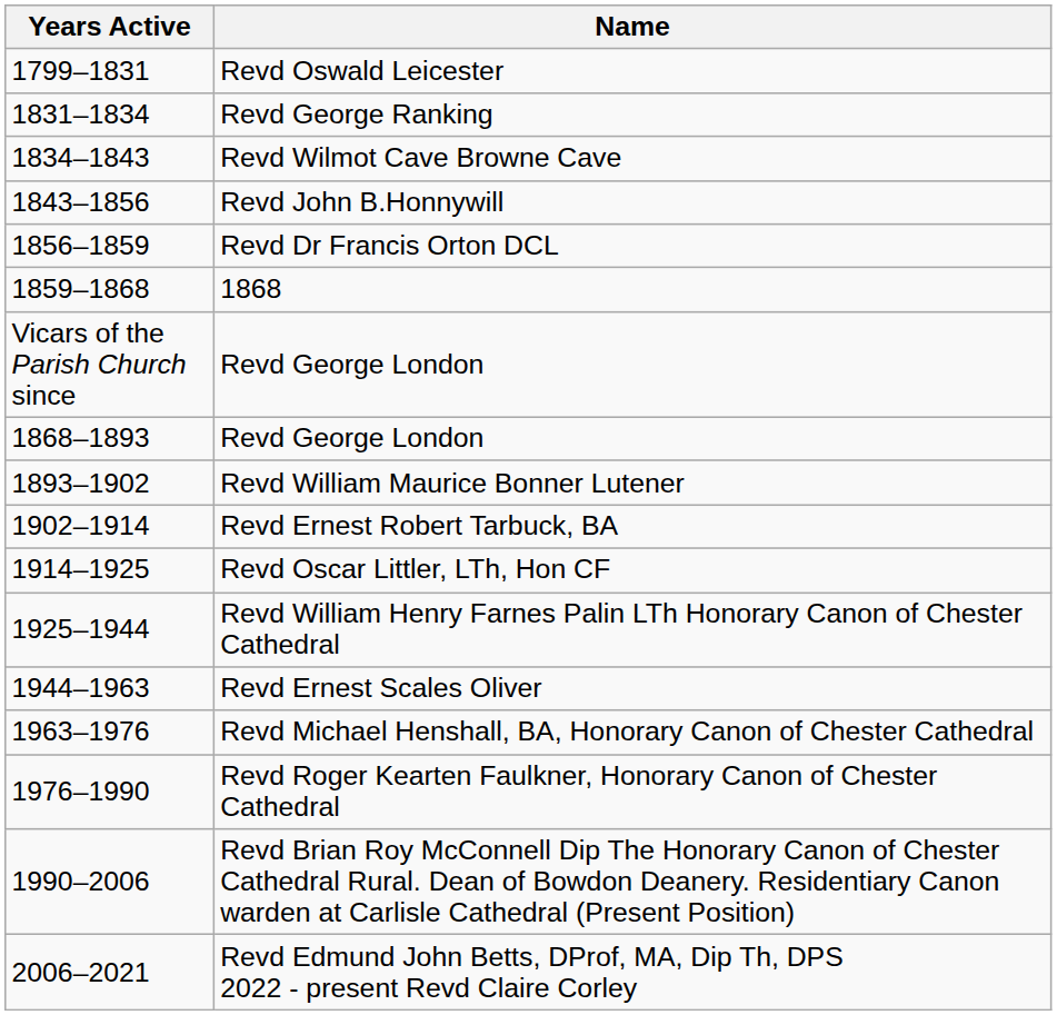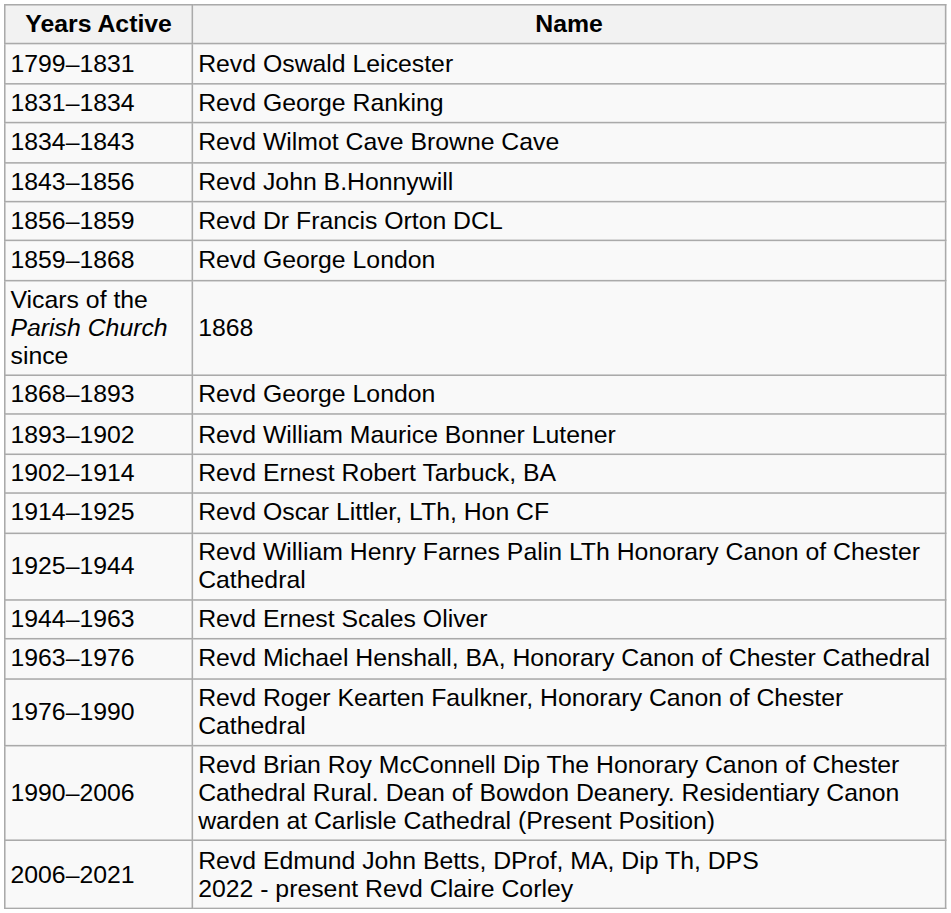 <table class="wikitable">
 <tr>
 <th>Years Active</th>
 <th>Name</th>
 </tr>
 <tr>
 <td>1799–1831</td>
 <td>Revd Oswald Leicester</td>
 </tr>
 <tr>
 <td>1831–1834</td>
 <td>Revd George Ranking</td>
 </tr>
 <tr>
 <td>1834–1843</td>
 <td>Revd Wilmot Cave Browne Cave</td>
 </tr>
 <tr>
 <td>1843–1856</td>
 <td>Revd John B.Honnywill</td>
 </tr>
 <tr>
 <td>1856–1859</td>
 <td>Revd Dr Francis Orton DCL</td>
 </tr>
 <tr>
 <td>1859–1868</td>
-<td>1868</td>
+<td>Revd George London</td>
 </tr>
 <tr>
 <td>Vicars of the <em>Parish Church</em> since</td>
-<td>Revd George London</td>
+<td>1868</td>
 </tr>
 <tr>
 <td>1868–1893</td>
 <td>Revd George London</td>
 </tr>
 <tr>
 <td>1893–1902</td>
 <td>Revd William Maurice Bonner Lutener</td>
 </tr>
 <tr>
 <td>1902–1914</td>
 <td>Revd Ernest Robert Tarbuck, BA</td>
 </tr>
 <tr>
 <td>1914–1925</td>
 <td>Revd Oscar Littler, LTh, Hon CF</td>
 </tr>
 <tr>
 <td>1925–1944</td>
 <td>Revd William Henry Farnes Palin LTh Honorary Canon of Chester Cathedral</td>
 </tr>
 <tr>
 <td>1944–1963</td>
 <td>Revd Ernest Scales Oliver</td>
 </tr>
 <tr>
 <td>1963–1976</td>
 <td>Revd Michael Henshall, BA, Honorary Canon of Chester Cathedral</td>
 </tr>
 <tr>
 <td>1976–1990</td>
 <td>Revd Roger Kearten Faulkner, Honorary Canon of Chester Cathedral</td>
 </tr>
 <tr>
 <td>1990–2006</td>
 <td>Revd Brian Roy McConnell Dip The Honorary Canon of Chester Cathedral Rural. Dean of Bowdon Deanery. Residentiary Canon warden at Carlisle Cathedral (Present Position)</td>
 </tr>
 <tr>
 <td>2006–2021</td>
 <td>Revd Edmund John Betts, DProf, MA, Dip Th, DPS<br>2022 - present   Revd Claire Corley</td>
 </tr>
 </table>
